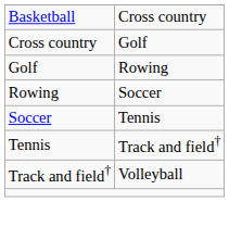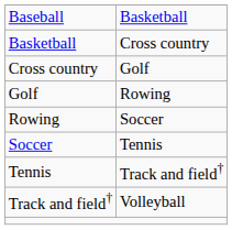 <table class="wikitable" style= " ">
 <tr>
+</tr>
+<tr>
+<td><a href='#'>Baseball</a></td>
+<td><a href='#'>Basketball</a></td>
 </tr>
 <tr>
 <td><a href='#'>Basketball</a></td>
 <td>Cross country</td>
 </tr>
 <tr>
 <td>Cross country</td>
 <td>Golf</td>
 </tr>
 <tr>
 <td>Golf</td>
 <td>Rowing</td>
 </tr>
 <tr>
 <td>Rowing</td>
 <td>Soccer</td>
 </tr>
 <tr>
 <td><a href='#'>Soccer</a></td>
 <td>Tennis</td>
 </tr>
 <tr>
 <td>Tennis</td>
 <td>Track and field<sup>†</sup></td>
 </tr>
 <tr>
 <td>Track and field<sup>†</sup></td>
 <td>Volleyball</td>
 </tr>
 <tr>
 <td colspan="2"></td>
 </tr>
 </table>
